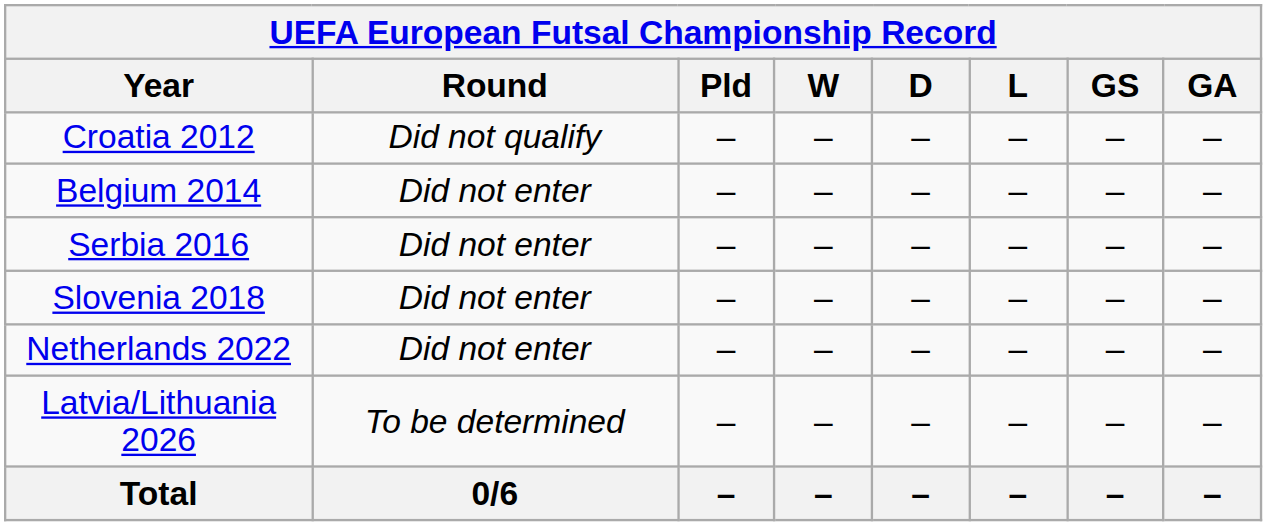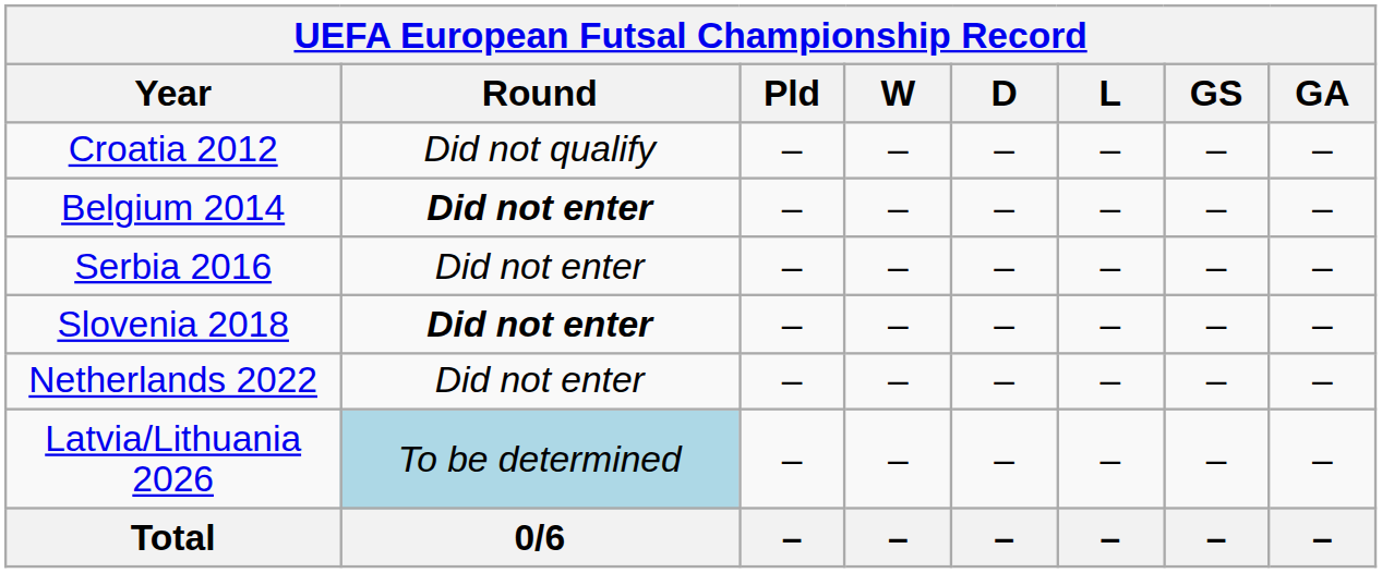 <table class="wikitable" style="text-align: center;font-size:90%;">
 <tr>
 <th colspan=8><a href='#'>UEFA European Futsal Championship Record</a></th>
 </tr>
 <tr>
 <th width=125>Year</th>
 <th width=150>Round</th>
 <th width=35>Pld</th>
 <th width=35>W</th>
 <th width=35>D</th>
 <th width=35>L</th>
 <th width=35>GS</th>
 <th width=35>GA</th>
 </tr>
 <tr>
 <td><a href='#'>Croatia 2012</a></td>
 <td><em>Did not qualify</em></td>
 <td>–</td>
 <td>–</td>
 <td>–</td>
 <td>–</td>
 <td>–</td>
 <td>–</td>
 </tr>
 <tr>
 <td><a href='#'>Belgium 2014</a></td>
-<td><em>Did not enter</em></td>
+<td><strong><em>Did not enter</em></strong></td>
 <td>–</td>
 <td>–</td>
 <td>–</td>
 <td>–</td>
 <td>–</td>
 <td>–</td>
 </tr>
 <tr>
 <td><a href='#'>Serbia 2016</a></td>
 <td><em>Did not enter</em></td>
 <td>–</td>
 <td>–</td>
 <td>–</td>
 <td>–</td>
 <td>–</td>
 <td>–</td>
 </tr>
 <tr>
 <td><a href='#'>Slovenia 2018</a></td>
-<td><em>Did not enter</em></td>
+<td><strong><em>Did not enter</em></strong></td>
 <td>–</td>
 <td>–</td>
 <td>–</td>
 <td>–</td>
 <td>–</td>
 <td>–</td>
 </tr>
 <tr>
 <td><a href='#'>Netherlands 2022</a></td>
 <td><em>Did not enter</em></td>
 <td>–</td>
 <td>–</td>
 <td>–</td>
 <td>–</td>
 <td>–</td>
 <td>–</td>
 </tr>
 <tr>
 <td><a href='#'>Latvia/Lithuania 2026</a></td>
-<td><em>To be determined</em></td>
+<td style="background: lightblue;"><em>To be determined</em></td>
 <td>–</td>
 <td>–</td>
 <td>–</td>
 <td>–</td>
 <td>–</td>
 <td>–</td>
 </tr>
 <tr>
 <th><strong>Total</strong></th>
 <th>0/6</th>
 <th>–</th>
 <th>–</th>
 <th>–</th>
 <th>–</th>
 <th>–</th>
 <th>–</th>
 </tr>
 </table>
